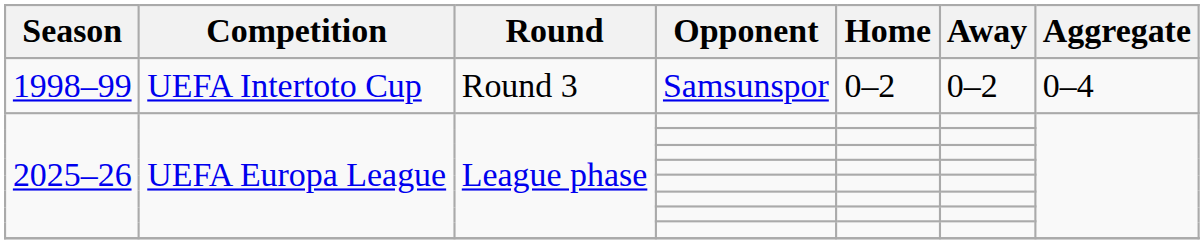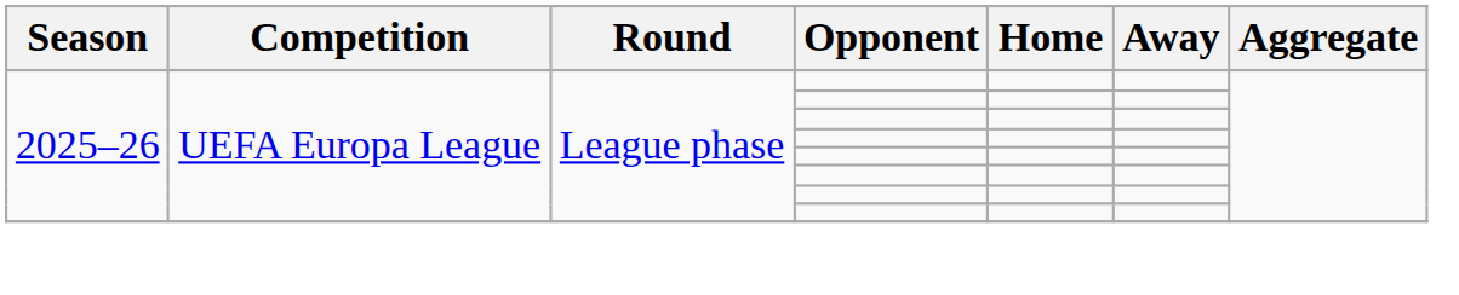 <table class="wikitable">
 <tr>
 <th>Season</th>
 <th>Competition</th>
 <th>Round</th>
 <th>Opponent</th>
 <th>Home</th>
 <th>Away</th>
 <th>Aggregate</th>
-</tr>
-<tr>
-<td><a href='#'>1998–99</a></td>
-<td><a href='#'>UEFA Intertoto Cup</a></td>
-<td>Round 3</td>
-<td> <a href='#'>Samsunspor</a></td>
-<td>0–2</td>
-<td>0–2</td>
-<td>0–4</td>
 </tr>
 <tr>
 <td rowspan=8><a href='#'>2025–26</a></td>
 <td rowspan=8><a href='#'>UEFA Europa League</a></td>
 <td rowspan=8><a href='#'>League phase</a></td>
 <td></td>
 <td></td>
 <td></td>
 <td rowspan=8></td>
 </tr>
 <tr>
 <td></td>
 <td></td>
 <td></td>
 </tr>
 <tr>
 <td></td>
 <td></td>
 <td></td>
 </tr>
 <tr>
 <td></td>
 <td></td>
 <td></td>
 </tr>
 <tr>
 <td></td>
 <td></td>
 <td></td>
 </tr>
 <tr>
 <td></td>
 <td></td>
 <td></td>
 </tr>
 <tr>
 <td></td>
 <td></td>
 <td></td>
 </tr>
 <tr>
 <td></td>
 <td></td>
 <td></td>
 </tr>
 <tr>
 </tr>
 </table>
